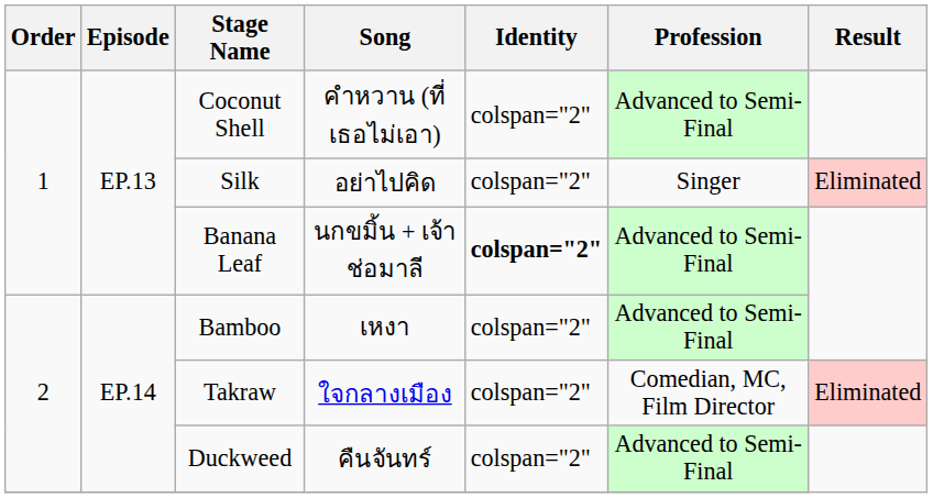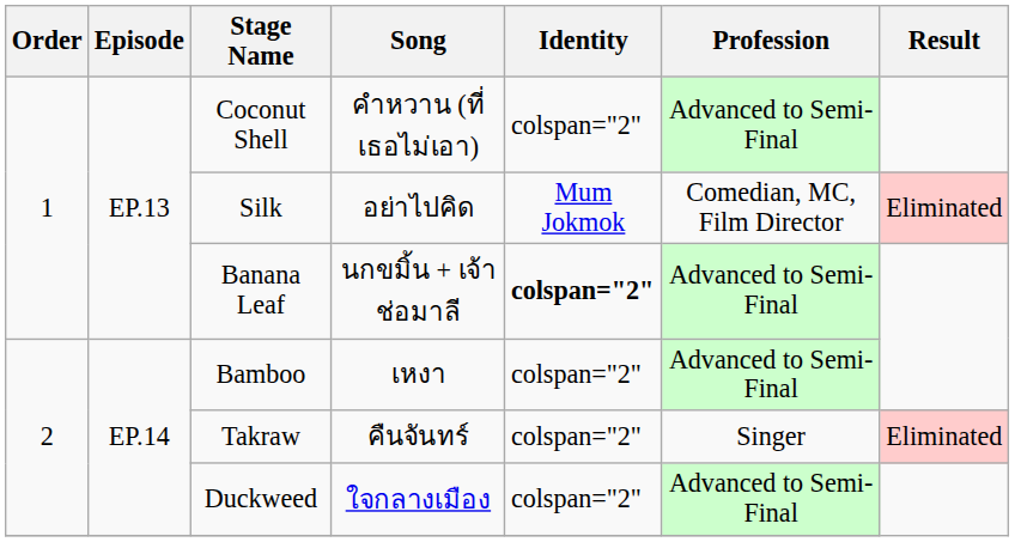 <table class="wikitable">
 <tr>
 <th>Order</th>
 <th>Episode</th>
 <th>Stage Name</th>
 <th>Song</th>
 <th>Identity</th>
 <th>Profession</th>
 <th>Result</th>
 </tr>
 <tr>
 <td rowspan="3" style="text-align:center;">1</td>
 <td rowspan="3" align="center">EP.13</td>
 <td style="text-align:center;">Coconut Shell</td>
 <td style="text-align:center;">คำหวาน (ที่เธอไม่เอา)</td>
 <td>colspan="2"  </td>
 <td style="text-align:center; background:#ccffcc;">Advanced to Semi-Final</td>
 </tr>
 <tr>
 <td style="text-align:center;">Silk</td>
 <td style="text-align:center;">อย่าไปคิด</td>
-<td>colspan="2"  </td>
-<td style="text-align:center;">Singer</td>
+<td style="text-align:center;"><a href='#'>Mum Jokmok</a></td>
+<td style="text-align:center;">Comedian, MC, Film Director</td>
 <td style="text-align:center; background:#ffcccc;">Eliminated</td>
 </tr>
 <tr>
 <td style="text-align:center;">Banana Leaf</td>
 <td style="text-align:center;">นกขมิ้น + เจ้าช่อมาลี</td>
 <td><strong>colspan="2"  </strong></td>
 <td style="text-align:center; background:#ccffcc;">Advanced to Semi-Final</td>
 </tr>
 <tr>
 <td rowspan="3" style="text-align:center;">2</td>
 <td rowspan="3" align="center">EP.14</td>
 <td style="text-align:center;">Bamboo</td>
 <td style="text-align:center;">เหงา</td>
 <td>colspan="2"  </td>
 <td style="text-align:center; background:#ccffcc;">Advanced to Semi-Final</td>
 </tr>
 <tr>
 <td style="text-align:center;">Takraw</td>
-<td style="text-align:center;"><a href='#'>ใจกลางเมือง</a></td>
+<td style="text-align:center;">คืนจันทร์</td>
 <td>colspan="2"  </td>
-<td style="text-align:center;">Comedian, MC, Film Director</td>
+<td style="text-align:center;">Singer</td>
 <td style="text-align:center; background:#ffcccc;">Eliminated</td>
 </tr>
 <tr>
 <td style="text-align:center;">Duckweed</td>
-<td style="text-align:center;">คืนจันทร์</td>
+<td style="text-align:center;"><a href='#'>ใจกลางเมือง</a></td>
 <td>colspan="2"  </td>
 <td style="text-align:center; background:#ccffcc;">Advanced to Semi-Final</td>
 </tr>
 <tr>
 </tr>
 </table>
